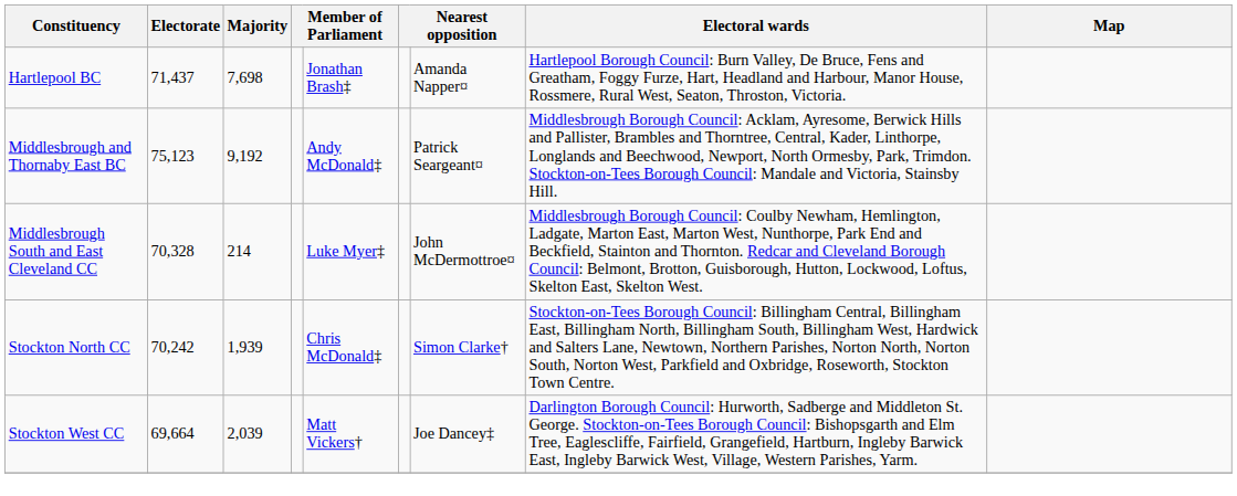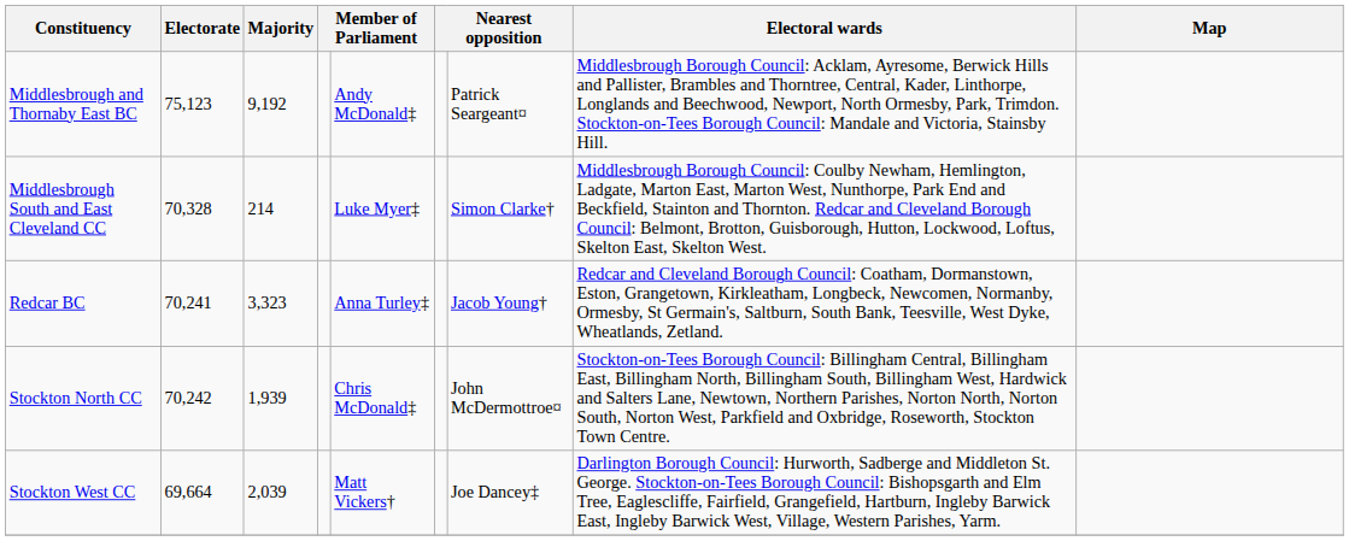 <table class="wikitable sortable">
 <tr>
 <th rowspan="1">Constituency</th>
 <th rowspan="1">Electorate</th>
 <th rowspan="1">Majority</th>
 <th class="unsortable" colspan="2">Member of Parliament</th>
 <th class="unsortable" colspan="2">Nearest opposition</th>
 <th class="unsortable" rowspan="1">Electoral wards</th>
 <th class="unsortable" rowspan="1" style="width:20%;">Map</th>
-</tr>
-<tr>
-<td><a href='#'>Hartlepool BC</a></td>
-<td>71,437</td>
-<td>7,698</td>
-<td style="color:inherit;background:"> </td>
-<td><a href='#'>Jonathan Brash</a>‡</td>
-<td style="color:inherit;background:"> </td>
-<td>Amanda Napper¤</td>
-<td><a href='#'>Hartlepool Borough Council</a>: Burn Valley, De Bruce, Fens and Greatham, Foggy Furze, Hart, Headland and Harbour, Manor House, Rossmere, Rural West, Seaton, Throston, Victoria.</td>
-<td></td>
 </tr>
 <tr>
 <td><a href='#'>Middlesbrough and Thornaby East BC</a></td>
 <td>75,123</td>
 <td>9,192</td>
 <td style="color:inherit;background:"> </td>
 <td><a href='#'>Andy McDonald</a>‡</td>
 <td style="color:inherit;background:"> </td>
 <td>Patrick Seargeant¤</td>
 <td><a href='#'>Middlesbrough Borough Council</a>: Acklam, Ayresome, Berwick Hills and Pallister, Brambles and Thorntree, Central, Kader, Linthorpe, Longlands and Beechwood, Newport, North Ormesby, Park, Trimdon. <a href='#'>Stockton-on-Tees Borough Council</a>: Mandale and Victoria, Stainsby Hill.</td>
 <td></td>
 </tr>
 <tr>
 <td><a href='#'>Middlesbrough South and East Cleveland CC</a></td>
 <td>70,328</td>
 <td>214</td>
 <td style="color:inherit;background:"> </td>
 <td><a href='#'>Luke Myer</a>‡</td>
 <td style="color:inherit;background:"> </td>
-<td>John McDermottroe¤</td>
+<td><a href='#'>Simon Clarke</a>†</td>
 <td><a href='#'>Middlesbrough Borough Council</a>: Coulby Newham, Hemlington, Ladgate, Marton East, Marton West, Nunthorpe, Park End and Beckfield, Stainton and Thornton. <a href='#'>Redcar and Cleveland Borough Council</a>: Belmont, Brotton, Guisborough, Hutton, Lockwood, Loftus, Skelton East, Skelton West.</td>
+<td></td>
+</tr>
+<tr>
+<td><a href='#'>Redcar BC</a></td>
+<td>70,241</td>
+<td>3,323</td>
+<td style="color:inherit;background:"> </td>
+<td><a href='#'>Anna Turley</a>‡</td>
+<td style="color:inherit;background:"> </td>
+<td><a href='#'>Jacob Young</a>†</td>
+<td><a href='#'>Redcar and Cleveland Borough Council</a>: Coatham, Dormanstown, Eston, Grangetown, Kirkleatham, Longbeck, Newcomen, Normanby, Ormesby, St Germain's, Saltburn, South Bank, Teesville, West Dyke, Wheatlands, Zetland.</td>
 <td></td>
 </tr>
 <tr>
 <td><a href='#'>Stockton North CC</a></td>
 <td>70,242</td>
 <td>1,939</td>
 <td style="color:inherit;background:"> </td>
 <td><a href='#'>Chris McDonald</a>‡</td>
 <td style="color:inherit;background:"> </td>
-<td><a href='#'>Simon Clarke</a>†</td>
+<td>John McDermottroe¤</td>
 <td><a href='#'>Stockton-on-Tees Borough Council</a>: Billingham Central, Billingham East, Billingham North, Billingham South, Billingham West, Hardwick and Salters Lane, Newtown, Northern Parishes, Norton North, Norton South, Norton West, Parkfield and Oxbridge, Roseworth, Stockton Town Centre.</td>
 <td></td>
 </tr>
 <tr>
 <td><a href='#'>Stockton West CC</a></td>
 <td>69,664</td>
 <td>2,039</td>
 <td style="color:inherit;background:"> </td>
 <td><a href='#'>Matt Vickers</a>†</td>
 <td style="color:inherit;background:"> </td>
 <td>Joe Dancey‡</td>
 <td><a href='#'>Darlington Borough Council</a>: Hurworth, Sadberge and Middleton St. George. <a href='#'>Stockton-on-Tees Borough Council</a>: Bishopsgarth and Elm Tree, Eaglescliffe, Fairfield, Grangefield, Hartburn, Ingleby Barwick East, Ingleby Barwick West, Village, Western Parishes, Yarm.</td>
 <td></td>
 </tr>
 <tr>
 </tr>
 </table>
